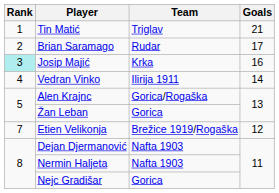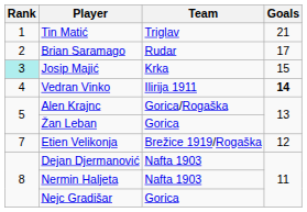 <table class="wikitable" style="text-align:center;">
 <tr>
 <th>Rank</th>
 <th>Player</th>
 <th>Team</th>
 <th>Goals</th>
 </tr>
 <tr>
 <td rowspan="1">1</td>
 <td align=left> <a href='#'>Tin Matić</a></td>
 <td align=left><a href='#'>Triglav</a></td>
 <td rowspan="1">21</td>
 </tr>
 <tr>
 <td rowspan="1">2</td>
 <td align=left> <a href='#'>Brian Saramago</a></td>
 <td align=left><a href='#'>Rudar</a></td>
 <td rowspan="1">17</td>
 </tr>
 <tr>
 <td rowspan="1" style="background: paleturquoise;">3</td>
 <td align=left> <a href='#'>Josip Majić</a></td>
 <td align=left><a href='#'>Krka</a></td>
-<td rowspan="1">16</td>
+<td rowspan="1">15</td>
 </tr>
 <tr>
 <td rowspan="1">4</td>
 <td align=left> <a href='#'>Vedran Vinko</a></td>
 <td align=left><a href='#'>Ilirija 1911</a></td>
-<td rowspan="1">14</td>
+<td rowspan="1"><strong>14</strong></td>
 </tr>
 <tr>
 <td rowspan="2">5</td>
 <td align=left> <a href='#'>Alen Krajnc</a></td>
 <td align=left><a href='#'>Gorica</a>/<a href='#'>Rogaška</a></td>
 <td rowspan="2">13</td>
 </tr>
 <tr>
 <td align=left> <a href='#'>Žan Leban</a></td>
 <td align=left><a href='#'>Gorica</a></td>
 </tr>
 <tr>
 <td rowspan="1">7</td>
 <td align=left> <a href='#'>Etien Velikonja</a></td>
 <td align=left><a href='#'>Brežice 1919</a>/<a href='#'>Rogaška</a></td>
 <td rowspan="1">12</td>
 </tr>
 <tr>
 <td rowspan="3">8</td>
 <td align=left> <a href='#'>Dejan Djermanović</a></td>
 <td align=left><a href='#'>Nafta 1903</a></td>
 <td rowspan="3">11</td>
 </tr>
 <tr>
 <td align=left> <a href='#'>Nermin Haljeta</a></td>
 <td align=left><a href='#'>Nafta 1903</a></td>
 </tr>
 <tr>
 <td align=left> <a href='#'>Nejc Gradišar</a></td>
 <td align=left><a href='#'>Gorica</a></td>
 </tr>
 </table>
